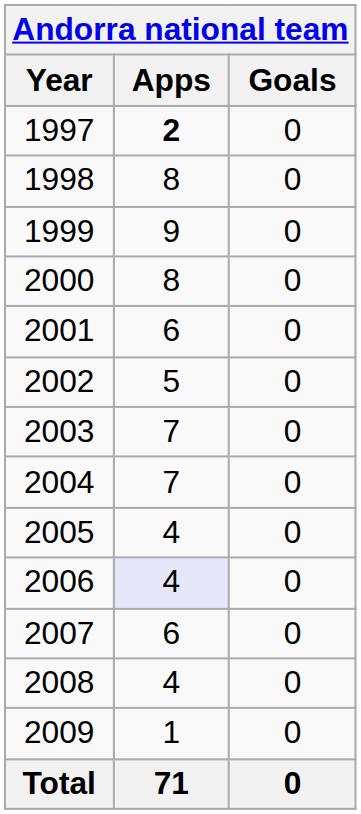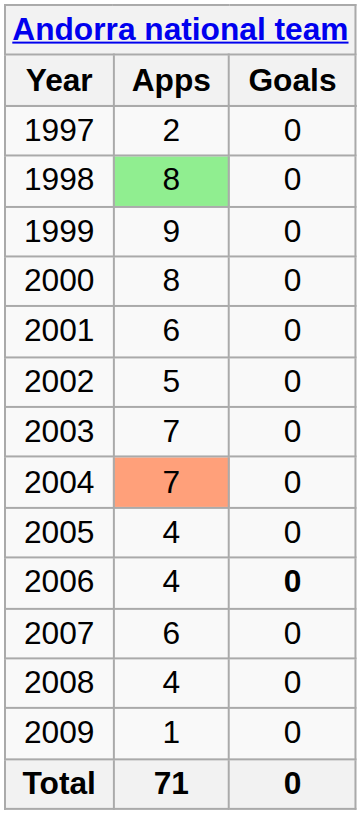 <table class="wikitable" style="text-align:center">
 <tr>
 <th colspan=3><a href='#'>Andorra national team</a></th>
 </tr>
 <tr>
 <th>Year</th>
 <th>Apps</th>
 <th>Goals</th>
 </tr>
 <tr>
 </tr>
 <tr>
 <td>1997</td>
-<td><strong>2</strong></td>
+<td>2</td>
 <td>0</td>
 </tr>
 <tr>
 <td>1998</td>
-<td>8</td>
+<td style="background: lightgreen;">8</td>
 <td>0</td>
 </tr>
 <tr>
 <td>1999</td>
 <td>9</td>
 <td>0</td>
 </tr>
 <tr>
 <td>2000</td>
 <td>8</td>
 <td>0</td>
 </tr>
 <tr>
 <td>2001</td>
 <td>6</td>
 <td>0</td>
 </tr>
 <tr>
 <td>2002</td>
 <td>5</td>
 <td>0</td>
 </tr>
 <tr>
 <td>2003</td>
 <td>7</td>
 <td>0</td>
 </tr>
 <tr>
 <td>2004</td>
-<td>7</td>
+<td style="background: lightsalmon;">7</td>
 <td>0</td>
 </tr>
 <tr>
 <td>2005</td>
 <td>4</td>
 <td>0</td>
 </tr>
 <tr>
 <td>2006</td>
-<td style="background: lavender;">4</td>
-<td>0</td>
+<td>4</td>
+<td><strong>0</strong></td>
 </tr>
 <tr>
 <td>2007</td>
 <td>6</td>
 <td>0</td>
 </tr>
 <tr>
 <td>2008</td>
 <td>4</td>
 <td>0</td>
 </tr>
 <tr>
 <td>2009</td>
 <td>1</td>
 <td>0</td>
 </tr>
 <tr>
 <th>Total</th>
 <th>71</th>
 <th>0</th>
 </tr>
 </table>
